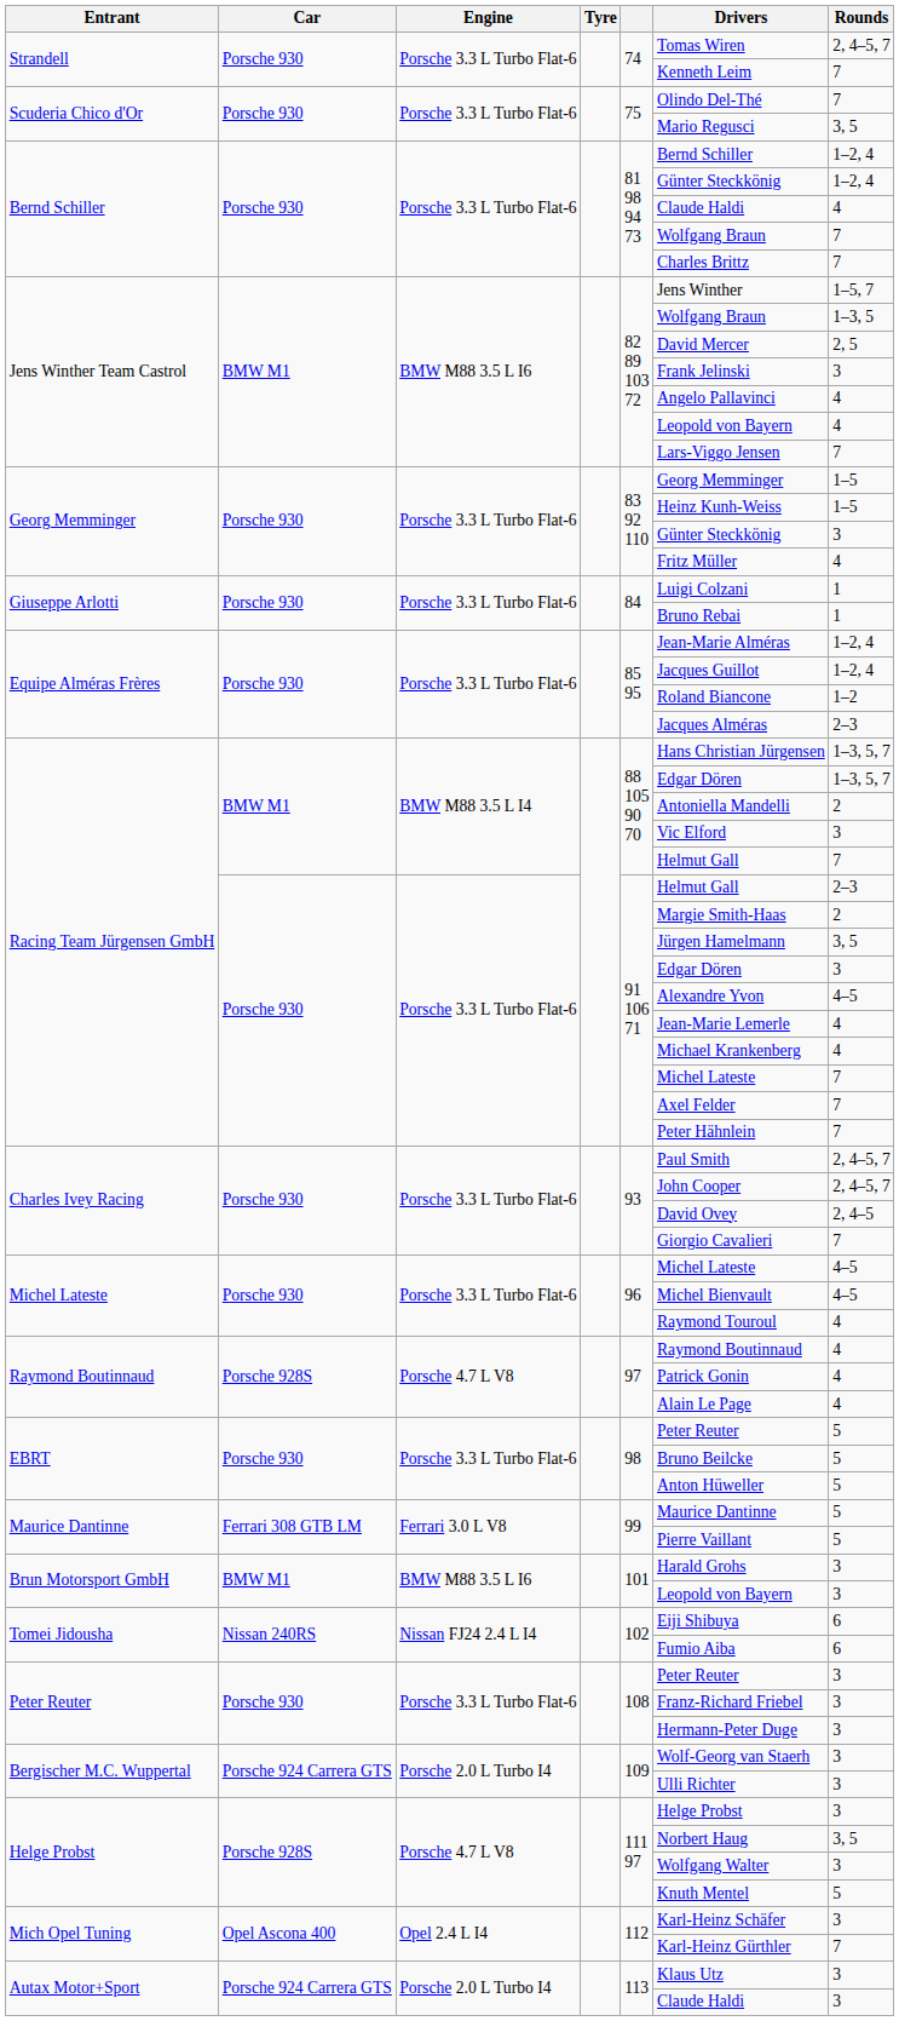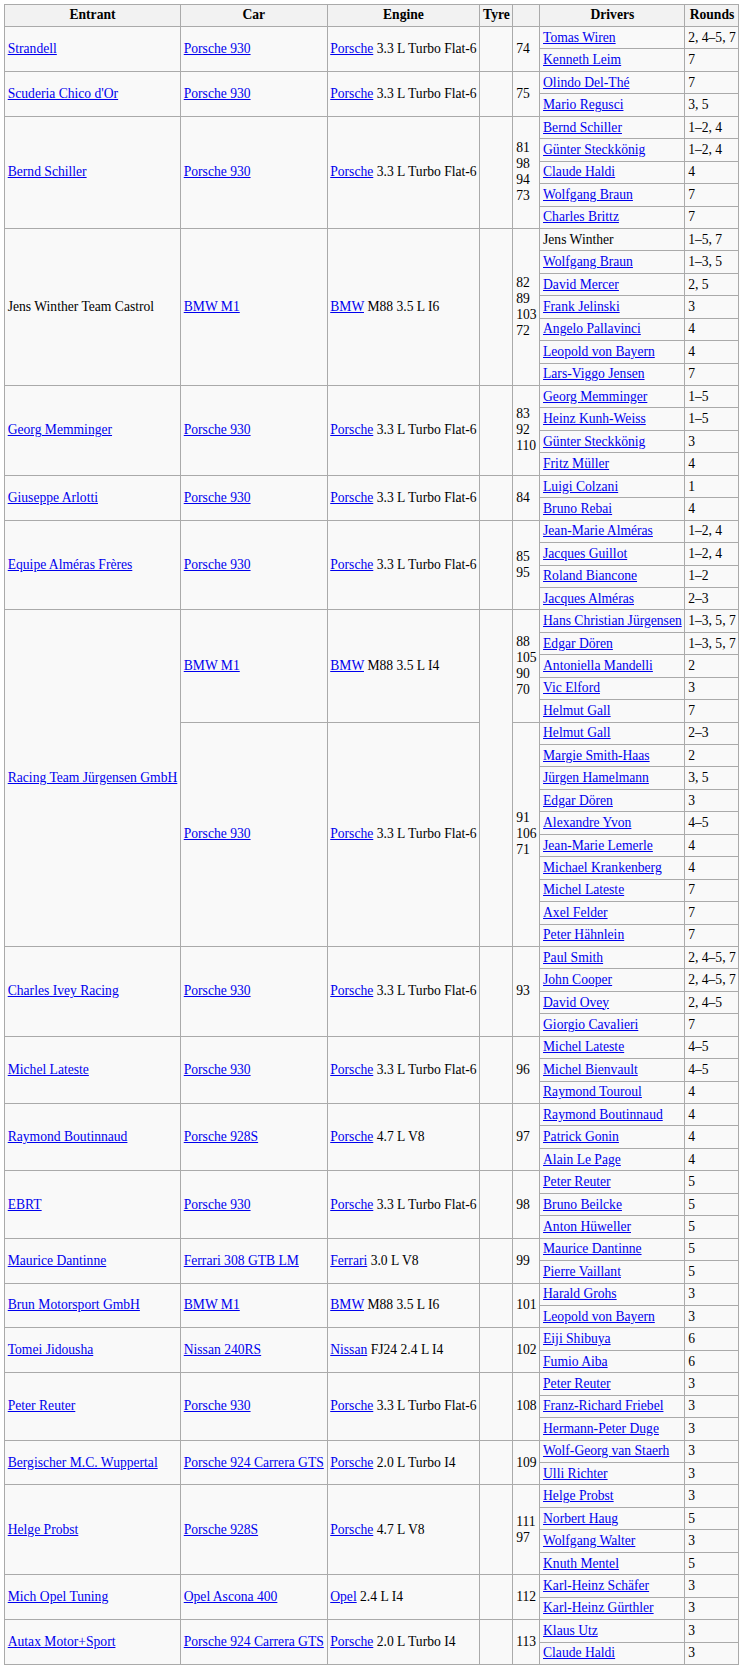 <table class="wikitable" style="font-size: 85%">
 <tr>
 <th>Entrant</th>
 <th>Car</th>
 <th>Engine</th>
 <th>Tyre</th>
 <th></th>
 <th>Drivers</th>
 <th>Rounds</th>
 </tr>
 <tr>
 <td rowspan=2> <a href='#'>Strandell</a></td>
 <td rowspan=2><a href='#'>Porsche 930</a></td>
 <td rowspan=2><a href='#'>Porsche</a> 3.3 L Turbo Flat-6</td>
 <td rowspan=2></td>
 <td rowspan=2>74</td>
 <td> <a href='#'>Tomas Wiren</a></td>
 <td>2, 4–5, 7</td>
 </tr>
 <tr>
 <td> <a href='#'>Kenneth Leim</a></td>
 <td>7</td>
 </tr>
 <tr>
 <td rowspan=2> <a href='#'>Scuderia Chico d'Or</a></td>
 <td rowspan=2><a href='#'>Porsche 930</a></td>
 <td rowspan=2><a href='#'>Porsche</a> 3.3 L Turbo Flat-6</td>
 <td rowspan=2></td>
 <td rowspan=2>75</td>
 <td> <a href='#'>Olindo Del-Thé</a></td>
 <td>7</td>
 </tr>
 <tr>
 <td> <a href='#'>Mario Regusci</a></td>
 <td>3, 5</td>
 </tr>
 <tr>
 <td rowspan=5> <a href='#'>Bernd Schiller</a></td>
 <td rowspan=5><a href='#'>Porsche 930</a></td>
 <td rowspan=5><a href='#'>Porsche</a> 3.3 L Turbo Flat-6</td>
 <td rowspan=5></td>
 <td rowspan=5>81<br>98<br>94<br>73</td>
 <td> <a href='#'>Bernd Schiller</a></td>
 <td>1–2, 4</td>
 </tr>
 <tr>
 <td> <a href='#'>Günter Steckkönig</a></td>
 <td>1–2, 4</td>
 </tr>
 <tr>
 <td> <a href='#'>Claude Haldi</a></td>
 <td>4</td>
 </tr>
 <tr>
 <td> <a href='#'>Wolfgang Braun</a></td>
 <td>7</td>
 </tr>
 <tr>
 <td> <a href='#'>Charles Brittz</a></td>
 <td>7</td>
 </tr>
 <tr>
 <td rowspan=7> Jens Winther Team Castrol</td>
 <td rowspan=7><a href='#'>BMW M1</a></td>
 <td rowspan=7><a href='#'>BMW</a> M88 3.5 L I6</td>
 <td rowspan=7><br></td>
 <td rowspan=7>82<br>89<br>103<br>72</td>
 <td> Jens Winther</td>
 <td>1–5, 7</td>
 </tr>
 <tr>
 <td> <a href='#'>Wolfgang Braun</a></td>
 <td>1–3, 5</td>
 </tr>
 <tr>
 <td> <a href='#'>David Mercer</a></td>
 <td>2, 5</td>
 </tr>
 <tr>
 <td> <a href='#'>Frank Jelinski</a></td>
 <td>3</td>
 </tr>
 <tr>
 <td> <a href='#'>Angelo Pallavinci</a></td>
 <td>4</td>
 </tr>
 <tr>
 <td> <a href='#'>Leopold von Bayern</a></td>
 <td>4</td>
 </tr>
 <tr>
 <td> <a href='#'>Lars-Viggo Jensen</a></td>
 <td>7</td>
 </tr>
 <tr>
 <td rowspan=4> <a href='#'>Georg Memminger</a></td>
 <td rowspan=4><a href='#'>Porsche 930</a></td>
 <td rowspan=4><a href='#'>Porsche</a> 3.3 L Turbo Flat-6</td>
 <td rowspan=4></td>
 <td rowspan=4>83<br>92<br>110</td>
 <td> <a href='#'>Georg Memminger</a></td>
 <td>1–5</td>
 </tr>
 <tr>
 <td> <a href='#'>Heinz Kunh-Weiss</a></td>
 <td>1–5</td>
 </tr>
 <tr>
 <td> <a href='#'>Günter Steckkönig</a></td>
 <td>3</td>
 </tr>
 <tr>
 <td> <a href='#'>Fritz Müller</a></td>
 <td>4</td>
 </tr>
 <tr>
 <td rowspan=2> <a href='#'>Giuseppe Arlotti</a></td>
 <td rowspan=2><a href='#'>Porsche 930</a></td>
 <td rowspan=2><a href='#'>Porsche</a> 3.3 L Turbo Flat-6</td>
 <td rowspan=2></td>
 <td rowspan=2>84</td>
 <td> <a href='#'>Luigi Colzani</a></td>
 <td>1</td>
 </tr>
 <tr>
 <td> <a href='#'>Bruno Rebai</a></td>
-<td>1</td>
+<td>4</td>
 </tr>
 <tr>
 <td rowspan=4> <a href='#'>Equipe Alméras Frères</a></td>
 <td rowspan=4><a href='#'>Porsche 930</a></td>
 <td rowspan=4><a href='#'>Porsche</a> 3.3 L Turbo Flat-6</td>
 <td rowspan=4></td>
 <td rowspan=4>85<br>95</td>
 <td> <a href='#'>Jean-Marie Alméras</a></td>
 <td>1–2, 4</td>
 </tr>
 <tr>
 <td> <a href='#'>Jacques Guillot</a></td>
 <td>1–2, 4</td>
 </tr>
 <tr>
 <td> <a href='#'>Roland Biancone</a></td>
 <td>1–2</td>
 </tr>
 <tr>
 <td> <a href='#'>Jacques Alméras</a></td>
 <td>2–3</td>
 </tr>
 <tr>
 <td rowspan=15> <a href='#'>Racing Team Jürgensen GmbH</a></td>
 <td rowspan=5><a href='#'>BMW M1</a></td>
 <td rowspan=5><a href='#'>BMW</a> M88 3.5 L I4</td>
 <td rowspan=15></td>
 <td rowspan=5>88<br>105<br>90<br>70</td>
 <td> <a href='#'>Hans Christian Jürgensen</a></td>
 <td>1–3, 5, 7</td>
 </tr>
 <tr>
 <td> <a href='#'>Edgar Dören</a></td>
 <td>1–3, 5, 7</td>
 </tr>
 <tr>
 <td> <a href='#'>Antoniella Mandelli</a></td>
 <td>2</td>
 </tr>
 <tr>
 <td> <a href='#'>Vic Elford</a></td>
 <td>3</td>
 </tr>
 <tr>
 <td> <a href='#'>Helmut Gall</a></td>
 <td>7</td>
 </tr>
 <tr>
 <td rowspan=10><a href='#'>Porsche 930</a></td>
 <td rowspan=10><a href='#'>Porsche</a> 3.3 L Turbo Flat-6</td>
 <td rowspan=10>91<br>106<br>71</td>
 <td> <a href='#'>Helmut Gall</a></td>
 <td>2–3</td>
 </tr>
 <tr>
 <td> <a href='#'>Margie Smith-Haas</a></td>
 <td>2</td>
 </tr>
 <tr>
 <td> <a href='#'>Jürgen Hamelmann</a></td>
 <td>3, 5</td>
 </tr>
 <tr>
 <td> <a href='#'>Edgar Dören</a></td>
 <td>3</td>
 </tr>
 <tr>
 <td> <a href='#'>Alexandre Yvon</a></td>
 <td>4–5</td>
 </tr>
 <tr>
 <td> <a href='#'>Jean-Marie Lemerle</a></td>
 <td>4</td>
 </tr>
 <tr>
 <td> <a href='#'>Michael Krankenberg</a></td>
 <td>4</td>
 </tr>
 <tr>
 <td> <a href='#'>Michel Lateste</a></td>
 <td>7</td>
 </tr>
 <tr>
 <td> <a href='#'>Axel Felder</a></td>
 <td>7</td>
 </tr>
 <tr>
 <td> <a href='#'>Peter Hähnlein</a></td>
 <td>7</td>
 </tr>
 <tr>
 <td rowspan=4> <a href='#'>Charles Ivey Racing</a></td>
 <td rowspan=4><a href='#'>Porsche 930</a></td>
 <td rowspan=4><a href='#'>Porsche</a> 3.3 L Turbo Flat-6</td>
 <td rowspan=4><br></td>
 <td rowspan=4>93</td>
 <td> <a href='#'>Paul Smith</a></td>
 <td>2, 4–5, 7</td>
 </tr>
 <tr>
 <td> <a href='#'>John Cooper</a></td>
 <td>2, 4–5, 7</td>
 </tr>
 <tr>
 <td> <a href='#'>David Ovey</a></td>
 <td>2, 4–5</td>
 </tr>
 <tr>
 <td> <a href='#'>Giorgio Cavalieri</a></td>
 <td>7</td>
 </tr>
 <tr>
 <td rowspan=3> <a href='#'>Michel Lateste</a></td>
 <td rowspan=3><a href='#'>Porsche 930</a></td>
 <td rowspan=3><a href='#'>Porsche</a> 3.3 L Turbo Flat-6</td>
 <td rowspan=3></td>
 <td rowspan=3>96</td>
 <td> <a href='#'>Michel Lateste</a></td>
 <td>4–5</td>
 </tr>
 <tr>
 <td> <a href='#'>Michel Bienvault</a></td>
 <td>4–5</td>
 </tr>
 <tr>
 <td> <a href='#'>Raymond Touroul</a></td>
 <td>4</td>
 </tr>
 <tr>
 <td rowspan=3> <a href='#'>Raymond Boutinnaud</a></td>
 <td rowspan=3><a href='#'>Porsche 928S</a></td>
 <td rowspan=3><a href='#'>Porsche</a> 4.7 L V8</td>
 <td rowspan=3></td>
 <td rowspan=3>97</td>
 <td> <a href='#'>Raymond Boutinnaud</a></td>
 <td>4</td>
 </tr>
 <tr>
 <td> <a href='#'>Patrick Gonin</a></td>
 <td>4</td>
 </tr>
 <tr>
 <td> <a href='#'>Alain Le Page</a></td>
 <td>4</td>
 </tr>
 <tr>
 <td rowspan=3> <a href='#'>EBRT</a></td>
 <td rowspan=3><a href='#'>Porsche 930</a></td>
 <td rowspan=3><a href='#'>Porsche</a> 3.3 L Turbo Flat-6</td>
 <td rowspan=3></td>
 <td rowspan=3>98</td>
 <td> <a href='#'>Peter Reuter</a></td>
 <td>5</td>
 </tr>
 <tr>
 <td> <a href='#'>Bruno Beilcke</a></td>
 <td>5</td>
 </tr>
 <tr>
 <td> <a href='#'>Anton Hüweller</a></td>
 <td>5</td>
 </tr>
 <tr>
 <td rowspan=2> <a href='#'>Maurice Dantinne</a></td>
 <td rowspan=2><a href='#'>Ferrari 308 GTB LM</a></td>
 <td rowspan=2><a href='#'>Ferrari</a> 3.0 L V8</td>
 <td rowspan=2></td>
 <td rowspan=2>99</td>
 <td> <a href='#'>Maurice Dantinne</a></td>
 <td>5</td>
 </tr>
 <tr>
 <td> <a href='#'>Pierre Vaillant</a></td>
 <td>5</td>
 </tr>
 <tr>
 <td rowspan=2> <a href='#'>Brun Motorsport GmbH</a></td>
 <td rowspan=2><a href='#'>BMW M1</a></td>
 <td rowspan=2><a href='#'>BMW</a> M88 3.5 L I6</td>
 <td rowspan=2></td>
 <td rowspan=2>101</td>
 <td> <a href='#'>Harald Grohs</a></td>
 <td>3</td>
 </tr>
 <tr>
 <td> <a href='#'>Leopold von Bayern</a></td>
 <td>3</td>
 </tr>
 <tr>
 <td rowspan=2> <a href='#'>Tomei Jidousha</a></td>
 <td rowspan=2><a href='#'>Nissan 240RS</a></td>
 <td rowspan=2><a href='#'>Nissan</a> FJ24 2.4 L I4</td>
 <td rowspan=2></td>
 <td rowspan=2>102</td>
 <td> <a href='#'>Eiji Shibuya</a></td>
 <td>6</td>
 </tr>
 <tr>
 <td> <a href='#'>Fumio Aiba</a></td>
 <td>6</td>
 </tr>
 <tr>
 <td rowspan=3> <a href='#'>Peter Reuter</a></td>
 <td rowspan=3><a href='#'>Porsche 930</a></td>
 <td rowspan=3><a href='#'>Porsche</a> 3.3 L Turbo Flat-6</td>
 <td rowspan=3></td>
 <td rowspan=3>108</td>
 <td> <a href='#'>Peter Reuter</a></td>
 <td>3</td>
 </tr>
 <tr>
 <td> <a href='#'>Franz-Richard Friebel</a></td>
 <td>3</td>
 </tr>
 <tr>
 <td> <a href='#'>Hermann-Peter Duge</a></td>
 <td>3</td>
 </tr>
 <tr>
 <td rowspan=2> <a href='#'>Bergischer M.C. Wuppertal</a></td>
 <td rowspan=2><a href='#'>Porsche 924 Carrera GTS</a></td>
 <td rowspan=2><a href='#'>Porsche</a> 2.0 L Turbo I4</td>
 <td rowspan=2></td>
 <td rowspan=2>109</td>
 <td> <a href='#'>Wolf-Georg van Staerh</a></td>
 <td>3</td>
 </tr>
 <tr>
 <td> <a href='#'>Ulli Richter</a></td>
 <td>3</td>
 </tr>
 <tr>
 <td rowspan=4> <a href='#'>Helge Probst</a></td>
 <td rowspan=4><a href='#'>Porsche 928S</a></td>
 <td rowspan=4><a href='#'>Porsche</a> 4.7 L V8</td>
 <td rowspan=4></td>
 <td rowspan=4>111<br>97</td>
 <td> <a href='#'>Helge Probst</a></td>
 <td>3</td>
 </tr>
 <tr>
 <td> <a href='#'>Norbert Haug</a></td>
-<td>3, 5</td>
+<td>5</td>
 </tr>
 <tr>
 <td> <a href='#'>Wolfgang Walter</a></td>
 <td>3</td>
 </tr>
 <tr>
 <td> <a href='#'>Knuth Mentel</a></td>
 <td>5</td>
 </tr>
 <tr>
 <td rowspan=2> <a href='#'>Mich Opel Tuning</a></td>
 <td rowspan=2><a href='#'>Opel Ascona 400</a></td>
 <td rowspan=2><a href='#'>Opel</a> 2.4 L I4</td>
 <td rowspan=2></td>
 <td rowspan=2>112</td>
 <td> <a href='#'>Karl-Heinz Schäfer</a></td>
 <td>3</td>
 </tr>
 <tr>
 <td> <a href='#'>Karl-Heinz Gürthler</a></td>
-<td>7</td>
+<td>3</td>
 </tr>
 <tr>
 <td rowspan=2> <a href='#'>Autax Motor+Sport</a></td>
 <td rowspan=2><a href='#'>Porsche 924 Carrera GTS</a></td>
 <td rowspan=2><a href='#'>Porsche</a> 2.0 L Turbo I4</td>
 <td rowspan=2></td>
 <td rowspan=2>113</td>
 <td> <a href='#'>Klaus Utz</a></td>
 <td>3</td>
 </tr>
 <tr>
 <td> <a href='#'>Claude Haldi</a></td>
 <td>3</td>
 </tr>
 <tr>
 </tr>
 </table>
